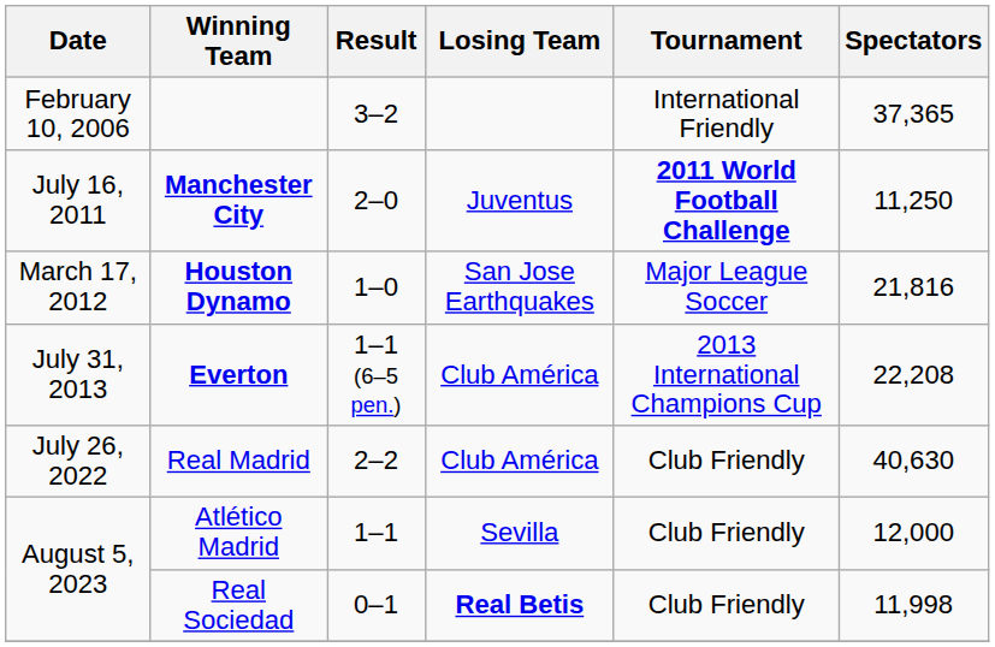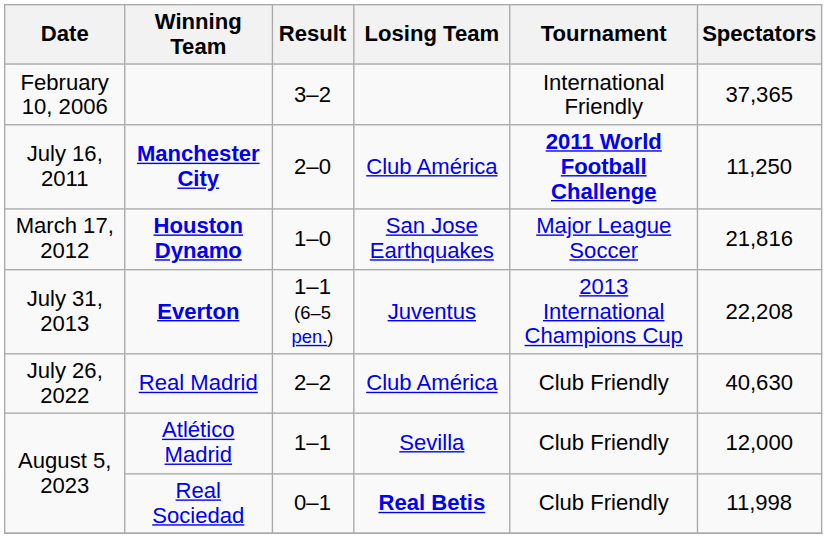 <table class="wikitable" style="text-align:left; width:95%; text-align:center;">
 <tr>
 <th style="text-align:center; ">Date</th>
 <th style="text-align:center; ">Winning Team</th>
 <th style="text-align:center; ">Result</th>
 <th style="text-align:center; ">Losing Team</th>
 <th style="text-align:center; ">Tournament</th>
 <th style="text-align:center; ">Spectators</th>
 </tr>
 <tr>
 <td style="text-align:center;">February 10, 2006</td>
 <td><strong></strong></td>
 <td style="text-align:center;">3–2</td>
 <td></td>
 <td style="text-align:center;">International Friendly</td>
 <td style="text-align:center;">37,365</td>
 </tr>
 <tr>
 <td style="text-align:center;">July 16, 2011</td>
 <td><strong> <a href='#'>Manchester City</a></strong></td>
 <td style="text-align:center;">2–0</td>
-<td> <a href='#'>Juventus</a></td>
+<td> <a href='#'>Club América</a></td>
 <td style="text-align:center;"><strong><a href='#'>2011 World Football Challenge</a></strong></td>
 <td style="text-align:center;">11,250</td>
 </tr>
 <tr>
 <td style="text-align:center;">March 17, 2012</td>
 <td><strong> <a href='#'>Houston Dynamo</a></strong></td>
 <td style="text-align:center;">1–0</td>
 <td> <a href='#'>San Jose Earthquakes</a></td>
 <td style="text-align:center;"><a href='#'>Major League Soccer</a></td>
 <td style="text-align:center;">21,816</td>
 </tr>
 <tr>
 <td style="text-align:center;">July 31, 2013</td>
 <td><strong> <a href='#'>Everton</a></strong></td>
 <td style="text-align:center;">1–1<br> <small>(6–5 <a href='#'>pen.</a>)</small></td>
-<td> <a href='#'>Club América</a></td>
+<td> <a href='#'>Juventus</a></td>
 <td style="text-align:center;"><a href='#'>2013 International Champions Cup</a></td>
 <td style="text-align:center;">22,208</td>
 </tr>
 <tr>
 <td style="text-align:center;">July 26, 2022</td>
 <td> <a href='#'>Real Madrid</a></td>
 <td style="text-align:center;">2–2</td>
 <td> <a href='#'>Club América</a></td>
 <td style="text-align:center;">Club Friendly</td>
 <td style="text-align:center;">40,630</td>
 </tr>
 <tr>
 <td rowspan = "2">August 5, 2023</td>
 <td> <a href='#'>Atlético Madrid</a></td>
 <td style="text-align:center;">1–1</td>
 <td> <a href='#'>Sevilla</a></td>
 <td style="text-align:center;">Club Friendly</td>
 <td style="text-align:center;">12,000</td>
 </tr>
 <tr>
 <td> <a href='#'>Real Sociedad</a></td>
 <td style="text-align:center;">0–1</td>
 <td> <strong><a href='#'>Real Betis</a></strong></td>
 <td style="text-align:center;">Club Friendly</td>
 <td style="text-align:center;">11,998</td>
 </tr>
 <tr>
 </tr>
 </table>
